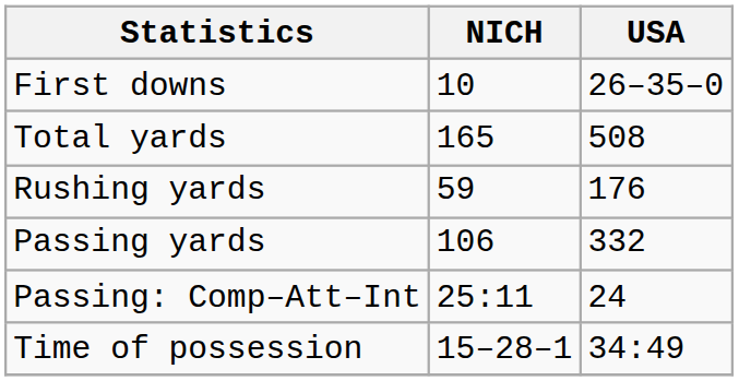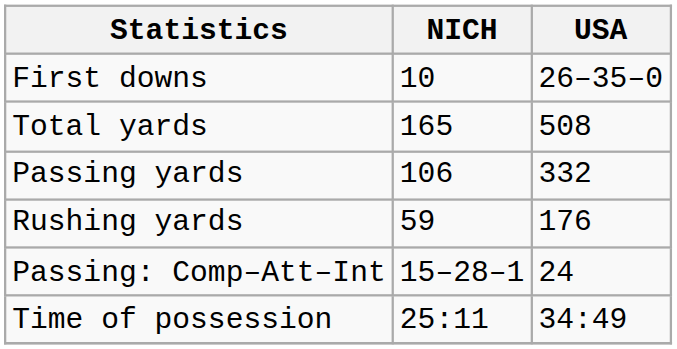 <table class="wikitable" style="float: left;">
 <tr>
 <th>Statistics</th>
 <th>NICH</th>
 <th>USA</th>
 </tr>
 <tr>
 <td>First downs</td>
 <td>10</td>
 <td>26–35–0</td>
 </tr>
 <tr>
 <td>Total yards</td>
 <td>165</td>
 <td>508</td>
 </tr>
 <tr>
+<td>Passing yards</td>
+<td>106</td>
+<td>332</td>
+</tr>
+<tr>
 <td>Rushing yards</td>
 <td>59</td>
 <td>176</td>
 </tr>
 <tr>
-<td>Passing yards</td>
-<td>106</td>
-<td>332</td>
-</tr>
-<tr>
 <td>Passing: Comp–Att–Int</td>
-<td>25:11</td>
+<td>15–28–1</td>
 <td>24</td>
 </tr>
 <tr>
 <td>Time of possession</td>
-<td>15–28–1</td>
+<td>25:11</td>
 <td>34:49</td>
 </tr>
 <tr>
 </tr>
 </table>
